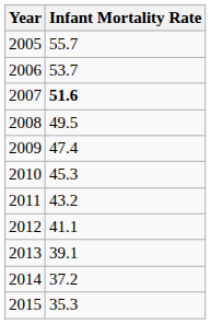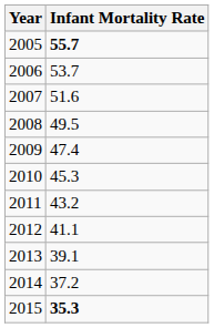 <table class="wikitable">
 <tr>
 <th>Year</th>
 <th>Infant Mortality Rate</th>
 </tr>
 <tr>
 <td>2005</td>
-<td>55.7</td>
+<td><strong>55.7</strong></td>
 </tr>
 <tr>
 <td>2006</td>
 <td>53.7</td>
 </tr>
 <tr>
 <td>2007</td>
-<td><strong>51.6</strong></td>
+<td>51.6</td>
 </tr>
 <tr>
 <td>2008</td>
 <td>49.5</td>
 </tr>
 <tr>
 <td>2009</td>
 <td>47.4</td>
 </tr>
 <tr>
 <td>2010</td>
 <td>45.3</td>
 </tr>
 <tr>
 <td>2011</td>
 <td>43.2</td>
 </tr>
 <tr>
 <td>2012</td>
 <td>41.1</td>
 </tr>
 <tr>
 <td>2013</td>
 <td>39.1</td>
 </tr>
 <tr>
 <td>2014</td>
 <td>37.2</td>
 </tr>
 <tr>
 <td>2015</td>
-<td>35.3</td>
+<td><strong>35.3</strong></td>
 </tr>
 </table>
